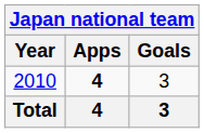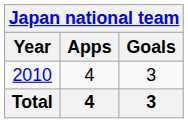 <table class="wikitable" style="text-align:center">
 <tr>
 <th colspan=3><a href='#'>Japan national team</a></th>
 </tr>
 <tr>
 <th>Year</th>
 <th>Apps</th>
 <th>Goals</th>
 </tr>
 <tr>
 <td><a href='#'>2010</a></td>
-<td><strong>4</strong></td>
+<td>4</td>
 <td>3</td>
 </tr>
 <tr>
 <th>Total</th>
 <th>4</th>
 <th>3</th>
 </tr>
 </table>
